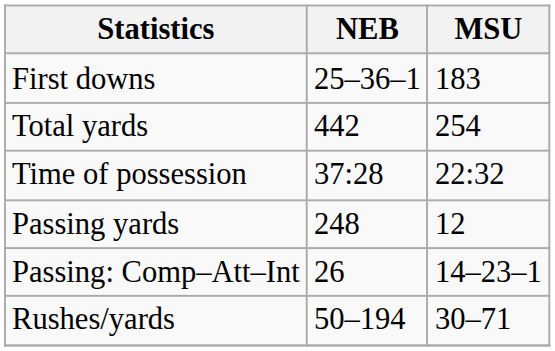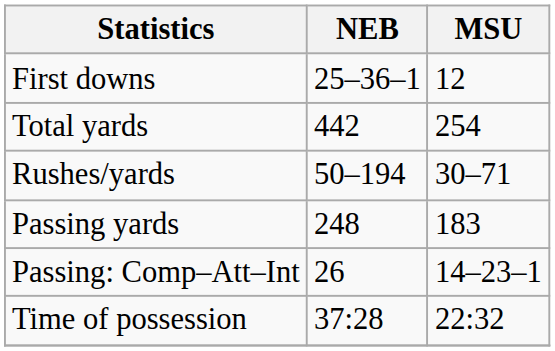 <table class="wikitable" style="float: left;">
 <tr>
 <th>Statistics</th>
 <th>NEB</th>
 <th>MSU</th>
 </tr>
 <tr>
 <td>First downs</td>
 <td>25–36–1</td>
-<td>183</td>
+<td>12</td>
 </tr>
 <tr>
 <td>Total yards</td>
 <td>442</td>
 <td>254</td>
 </tr>
 <tr>
-<td>Time of possession</td>
-<td>37:28</td>
-<td>22:32</td>
+<td>Rushes/yards</td>
+<td>50–194</td>
+<td>30–71</td>
 </tr>
 <tr>
 <td>Passing yards</td>
 <td>248</td>
-<td>12</td>
+<td>183</td>
 </tr>
 <tr>
 <td>Passing: Comp–Att–Int</td>
 <td>26</td>
 <td>14–23–1</td>
 </tr>
 <tr>
-<td>Rushes/yards</td>
-<td>50–194</td>
-<td>30–71</td>
+<td>Time of possession</td>
+<td>37:28</td>
+<td>22:32</td>
 </tr>
 <tr>
 </tr>
 </table>
